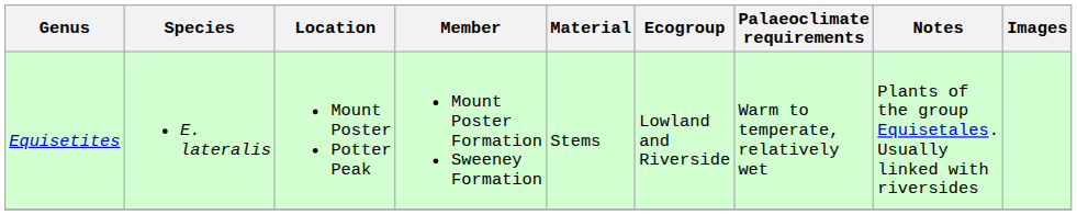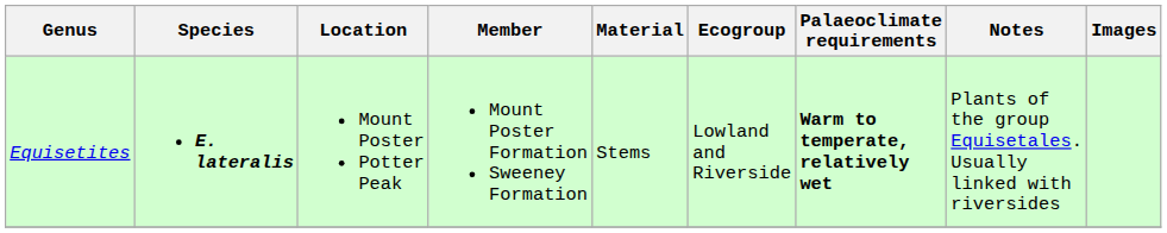 <table class="wikitable sortable">
 <tr>
 <th>Genus</th>
 <th>Species</th>
 <th>Location</th>
 <th>Member</th>
 <th>Material</th>
 <th>Ecogroup</th>
 <th>Palaeoclimate requirements</th>
 <th>Notes</th>
 <th>Images</th>
 </tr>
 <tr>
 <td style="background:#D1FFCF;"><br><em><a href='#'>Equisetites</a></em></td>
-<td style="background:#D1FFCF;"><br><ul><li><em>E. lateralis</em></li></ul></td>
+<td style="background:#D1FFCF;"><strong><br><ul><li><em>E. lateralis</em></li></ul></strong></td>
 <td style="background:#D1FFCF;"><br><ul><li>Mount Poster</li><li>Potter Peak</li></ul></td>
 <td style="background:#D1FFCF;"><br><ul><li>Mount Poster Formation</li><li>Sweeney Formation</li></ul></td>
 <td style="background:#D1FFCF;"><br>Stems</td>
 <td style="background:#D1FFCF;"><br>Lowland and Riverside</td>
-<td style="background:#D1FFCF;"><br>Warm to temperate, relatively wet</td>
+<td style="background:#D1FFCF;"><strong><br>Warm to temperate, relatively wet</strong></td>
 <td style="background:#D1FFCF;"><br>Plants of the group <a href='#'>Equisetales</a>. Usually linked with riversides</td>
 <td style="background:#D1FFCF;"><br></td>
 </tr>
 <tr>
 </tr>
 </table>
